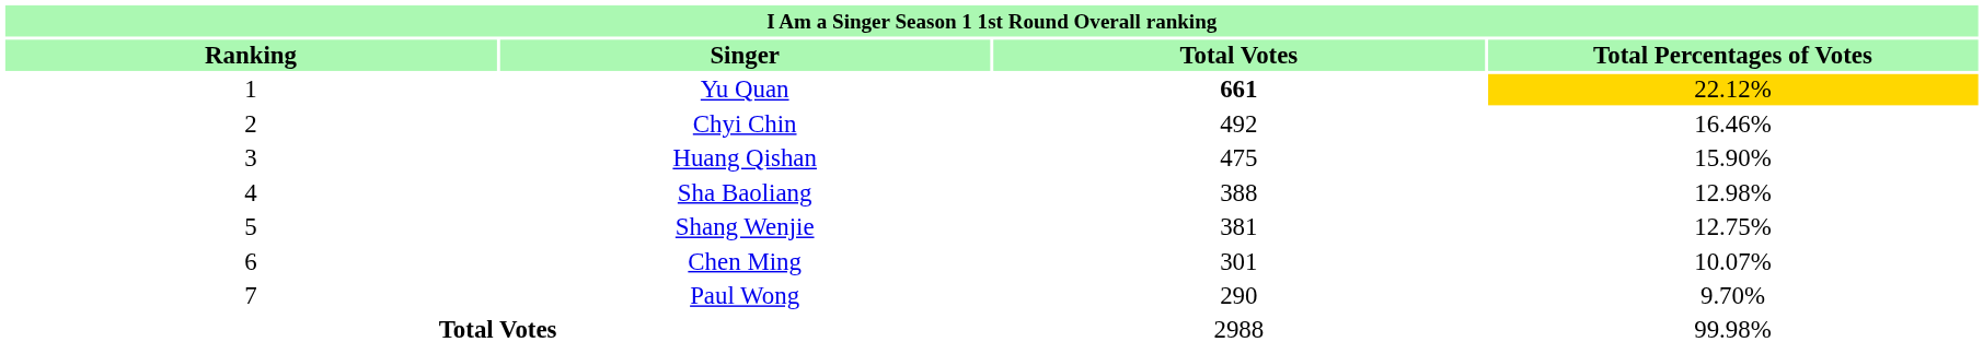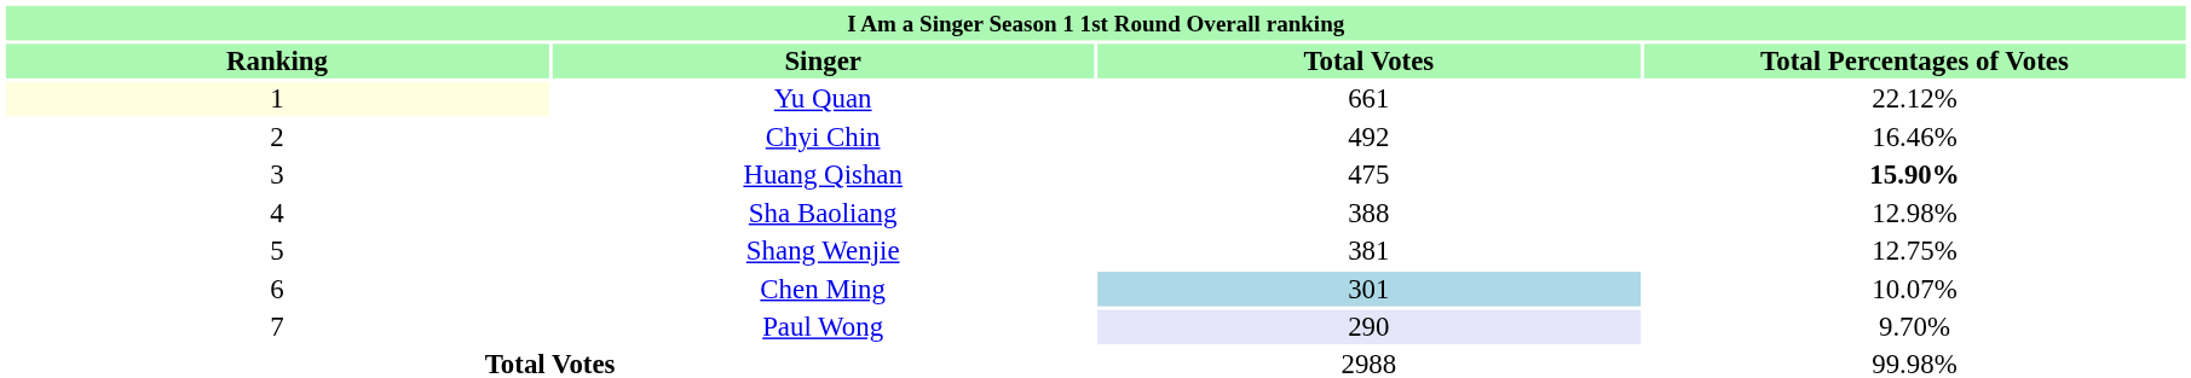 <table class="wikitalble" width="100%" style="text-align:center">
 <tr style="background:#ABF8B2">
 <td colspan="9"><small><strong>I Am a Singer Season 1 1st Round Overall ranking</strong></small></td>
 </tr>
 <tr style="background:#ABF8B2">
 <td style="width:10%"><strong>Ranking</strong></td>
 <td style="width:10%"><strong>Singer</strong></td>
 <td style="width:10%"><strong>Total Votes</strong></td>
 <td style="width:10%"><strong>Total Percentages of Votes</strong></td>
 </tr>
 <tr>
-<td>1</td>
+<td style="background: lightyellow;">1</td>
 <td><a href='#'>Yu Quan</a></td>
-<td><strong>661</strong></td>
-<td style="background: gold;">22.12%</td>
+<td>661</td>
+<td>22.12%</td>
 </tr>
 <tr>
 <td>2</td>
 <td><a href='#'>Chyi Chin</a></td>
 <td>492</td>
 <td>16.46%</td>
 </tr>
 <tr>
 <td>3</td>
 <td><a href='#'>Huang Qishan</a></td>
 <td>475</td>
-<td>15.90%</td>
+<td><strong>15.90%</strong></td>
 </tr>
 <tr>
 <td>4</td>
 <td><a href='#'>Sha Baoliang</a></td>
 <td>388</td>
 <td>12.98%</td>
 </tr>
 <tr>
 <td>5</td>
 <td><a href='#'>Shang Wenjie</a></td>
 <td>381</td>
 <td>12.75%</td>
 </tr>
 <tr>
 <td>6</td>
 <td><a href='#'>Chen Ming</a></td>
-<td>301</td>
+<td style="background: lightblue;">301</td>
 <td>10.07%</td>
 </tr>
 <tr>
 <td>7</td>
 <td><a href='#'>Paul Wong</a></td>
-<td>290</td>
+<td style="background: lavender;">290</td>
 <td>9.70%</td>
 </tr>
 <tr align=center>
 <td colspan="2"><strong>Total Votes</strong></td>
 <td>2988 </td>
 <td>99.98%</td>
 </tr>
 </table>
